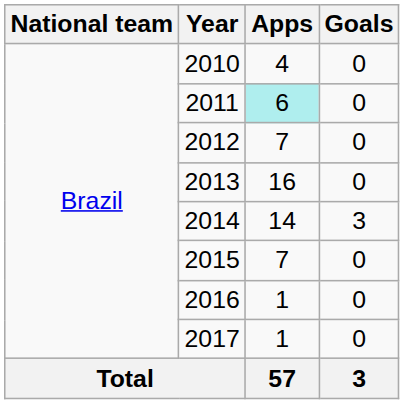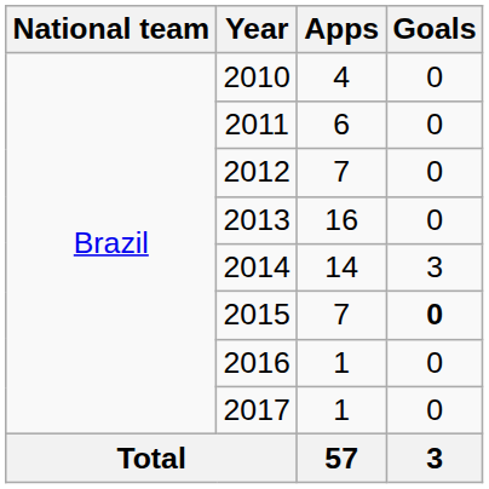 <table class="wikitable" style="text-align:center">
 <tr>
 <th>National team</th>
 <th>Year</th>
 <th>Apps</th>
 <th>Goals</th>
 </tr>
 <tr>
 <td rowspan="8"><a href='#'>Brazil</a></td>
 <td>2010</td>
 <td>4</td>
 <td>0</td>
 </tr>
 <tr>
 <td>2011</td>
-<td style="background: paleturquoise;">6</td>
+<td>6</td>
 <td>0</td>
 </tr>
 <tr>
 <td>2012</td>
 <td>7</td>
 <td>0</td>
 </tr>
 <tr>
 <td>2013</td>
 <td>16</td>
 <td>0</td>
 </tr>
 <tr>
 <td>2014</td>
 <td>14</td>
 <td>3</td>
 </tr>
 <tr>
 <td>2015</td>
 <td>7</td>
-<td>0</td>
+<td><strong>0</strong></td>
 </tr>
 <tr>
 <td>2016</td>
 <td>1</td>
 <td>0</td>
 </tr>
 <tr>
 <td>2017</td>
 <td>1</td>
 <td>0</td>
 </tr>
 <tr>
 <th colspan="2">Total</th>
 <th>57</th>
 <th>3</th>
 </tr>
 </table>
